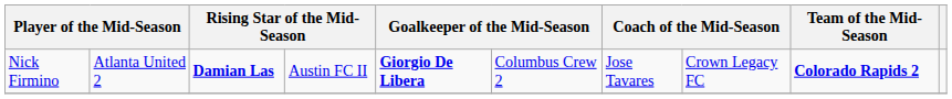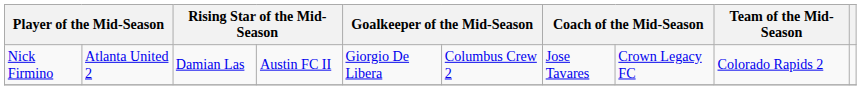 <table class="wikitable" style="font-size:90%">
 <tr>
 <th colspan="2">Player of the Mid-Season</th>
 <th colspan="2">Rising Star of the Mid-Season</th>
 <th colspan="2">Goalkeeper of the Mid-Season</th>
 <th colspan="2">Coach of the Mid-Season</th>
 <th rowspan="1">Team of the Mid-Season</th>
 <th rowspan="1"></th>
 </tr>
 <tr>
 <td> <a href='#'>Nick Firmino</a></td>
 <td><a href='#'>Atlanta United 2</a></td>
-<td><strong> <a href='#'>Damian Las</a></strong></td>
+<td> <a href='#'>Damian Las</a></td>
 <td><a href='#'>Austin FC II</a></td>
-<td><strong> <a href='#'>Giorgio De Libera</a></strong></td>
+<td> <a href='#'>Giorgio De Libera</a></td>
 <td><a href='#'>Columbus Crew 2</a></td>
 <td> <a href='#'> Jose Tavares</a></td>
 <td><a href='#'>Crown Legacy FC</a></td>
-<td><strong><a href='#'>Colorado Rapids 2</a></strong></td>
+<td><a href='#'>Colorado Rapids 2</a></td>
 <td style="text-align:center"></td>
 </tr>
 <tr>
 </tr>
 </table>
